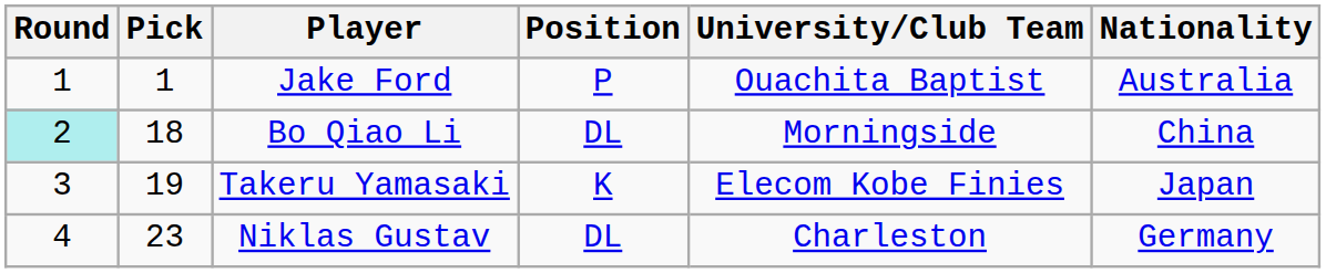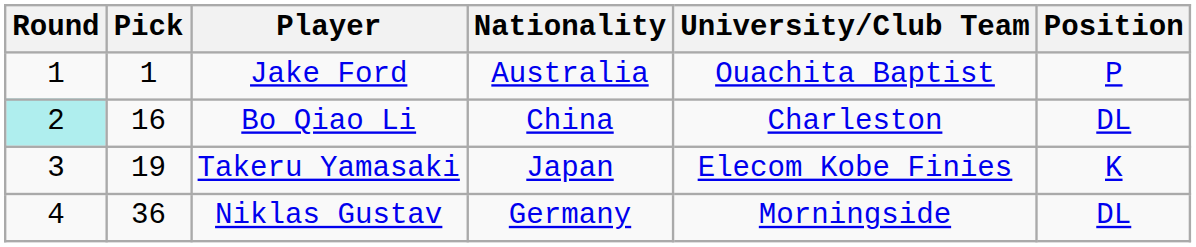 <table class="wikitable" style="font-size: 95%;">
 <tr>
 <th scope="col">Round</th>
 <th scope="col">Pick</th>
 <th scope="col">Player</th>
+<th scope="col">Nationality</th>
+<th scope="col">University/Club Team</th>
 <th scope="col">Position</th>
-<th scope="col">University/Club Team</th>
-<th scope="col">Nationality</th>
 </tr>
 <tr align="center">
 <td align=center>1</td>
 <td>1</td>
 <td><a href='#'>Jake Ford</a></td>
+<td> <a href='#'>Australia</a></td>
+<td><a href='#'>Ouachita Baptist</a></td>
 <td><a href='#'>P</a></td>
-<td><a href='#'>Ouachita Baptist</a></td>
-<td> <a href='#'>Australia</a></td>
 </tr>
 <tr align="center">
 <td align=center style="background: paleturquoise;">2</td>
-<td>18</td>
+<td>16</td>
 <td><a href='#'>Bo Qiao Li</a></td>
+<td> <a href='#'>China</a></td>
+<td><a href='#'>Charleston</a></td>
 <td><a href='#'>DL</a></td>
-<td><a href='#'>Morningside</a></td>
-<td> <a href='#'>China</a></td>
 </tr>
 <tr align="center">
 <td align=center>3</td>
 <td>19</td>
 <td><a href='#'>Takeru Yamasaki</a></td>
+<td> <a href='#'>Japan</a></td>
+<td><a href='#'>Elecom Kobe Finies</a></td>
 <td><a href='#'>K</a></td>
-<td><a href='#'>Elecom Kobe Finies</a></td>
-<td> <a href='#'>Japan</a></td>
 </tr>
 <tr align="center">
 <td align=center>4</td>
-<td>23</td>
+<td>36</td>
 <td><a href='#'>Niklas Gustav</a></td>
+<td> <a href='#'>Germany</a></td>
+<td><a href='#'>Morningside</a></td>
 <td><a href='#'>DL</a></td>
-<td><a href='#'>Charleston</a></td>
-<td> <a href='#'>Germany</a></td>
 </tr>
 </table>
